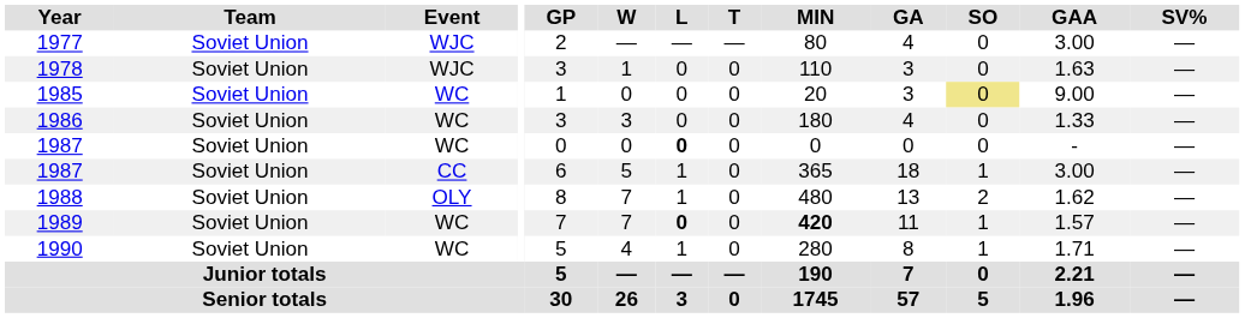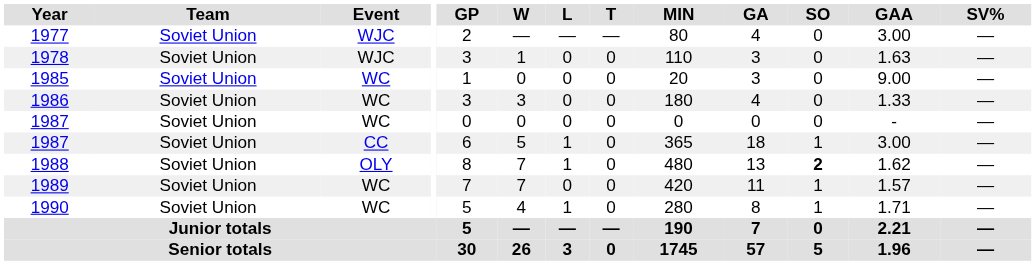 <table border="0" cellpadding="1" cellspacing="0" ID="Table3" style="text-align:center; width:60em">
 <tr ALIGN="center" bgcolor="#e0e0e0">
 <th>Year</th>
 <th>Team</th>
 <th>Event</th>
 <th rowspan="99" bgcolor="#ffffff"></th>
 <th>GP</th>
 <th>W</th>
 <th>L</th>
 <th>T</th>
 <th>MIN</th>
 <th>GA</th>
 <th>SO</th>
 <th>GAA</th>
 <th>SV%</th>
 </tr>
 <tr>
 <td><a href='#'>1977</a></td>
 <td><a href='#'>Soviet Union</a></td>
 <td><a href='#'>WJC</a></td>
 <td>2</td>
 <td>—</td>
 <td>—</td>
 <td>—</td>
 <td>80</td>
 <td>4</td>
 <td>0</td>
 <td>3.00</td>
 <td>—</td>
 </tr>
 <tr bgcolor="#f0f0f0">
 <td><a href='#'>1978</a></td>
 <td>Soviet Union</td>
 <td>WJC</td>
 <td>3</td>
 <td>1</td>
 <td>0</td>
 <td>0</td>
 <td>110</td>
 <td>3</td>
 <td>0</td>
 <td>1.63</td>
 <td>—</td>
 </tr>
 <tr>
 <td><a href='#'>1985</a></td>
 <td><a href='#'>Soviet Union</a></td>
 <td><a href='#'>WC</a></td>
 <td>1</td>
 <td>0</td>
 <td>0</td>
 <td>0</td>
 <td>20</td>
 <td>3</td>
-<td style="background: khaki;">0</td>
+<td>0</td>
 <td>9.00</td>
 <td>—</td>
 </tr>
 <tr bgcolor="#f0f0f0">
 <td><a href='#'>1986</a></td>
 <td>Soviet Union</td>
 <td>WC</td>
 <td>3</td>
 <td>3</td>
 <td>0</td>
 <td>0</td>
 <td>180</td>
 <td>4</td>
 <td>0</td>
 <td>1.33</td>
 <td>—</td>
 </tr>
 <tr>
 <td><a href='#'>1987</a></td>
 <td>Soviet Union</td>
 <td>WC</td>
 <td>0</td>
 <td>0</td>
-<td><strong>0</strong></td>
+<td>0</td>
 <td>0</td>
 <td>0</td>
 <td>0</td>
 <td>0</td>
 <td>-</td>
 <td>—</td>
 </tr>
 <tr bgcolor="#f0f0f0">
 <td><a href='#'>1987</a></td>
 <td>Soviet Union</td>
 <td><a href='#'>CC</a></td>
 <td>6</td>
 <td>5</td>
 <td>1</td>
 <td>0</td>
 <td>365</td>
 <td>18</td>
 <td>1</td>
 <td>3.00</td>
 <td>—</td>
 </tr>
 <tr>
 <td><a href='#'>1988</a></td>
 <td>Soviet Union</td>
 <td><a href='#'>OLY</a></td>
 <td>8</td>
 <td>7</td>
 <td>1</td>
 <td>0</td>
 <td>480</td>
 <td>13</td>
-<td>2</td>
+<td><strong>2</strong></td>
 <td>1.62</td>
 <td>—</td>
 </tr>
 <tr bgcolor="#f0f0f0">
 <td><a href='#'>1989</a></td>
 <td>Soviet Union</td>
 <td>WC</td>
 <td>7</td>
 <td>7</td>
-<td><strong>0</strong></td>
 <td>0</td>
-<td><strong>420</strong></td>
+<td>0</td>
+<td>420</td>
 <td>11</td>
 <td>1</td>
 <td>1.57</td>
 <td>—</td>
 </tr>
 <tr>
 <td><a href='#'>1990</a></td>
 <td>Soviet Union</td>
 <td>WC</td>
 <td>5</td>
 <td>4</td>
 <td>1</td>
 <td>0</td>
 <td>280</td>
 <td>8</td>
 <td>1</td>
 <td>1.71</td>
 <td>—</td>
 </tr>
 <tr bgcolor="#e0e0e0">
 <th colspan=4>Junior totals</th>
 <th>5</th>
 <th>—</th>
 <th>—</th>
 <th>—</th>
 <th>190</th>
 <th>7</th>
 <th>0</th>
 <th>2.21</th>
 <th>—</th>
 </tr>
 <tr bgcolor="#e0e0e0">
 <th colspan=4>Senior totals</th>
 <th>30</th>
 <th>26</th>
 <th>3</th>
 <th>0</th>
 <th>1745</th>
 <th>57</th>
 <th>5</th>
 <th>1.96</th>
 <th>—</th>
 </tr>
 </table>
